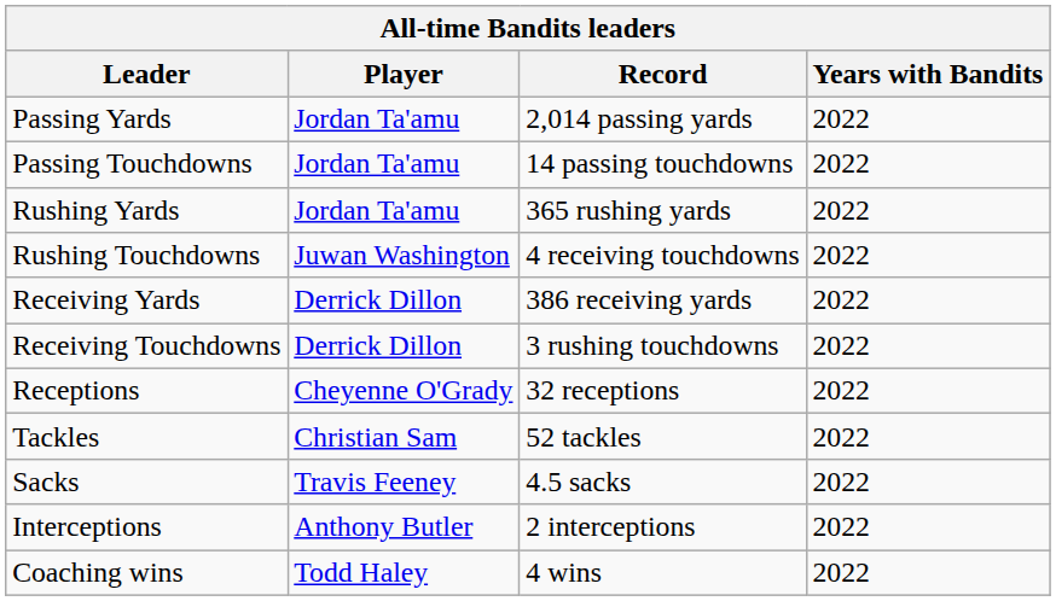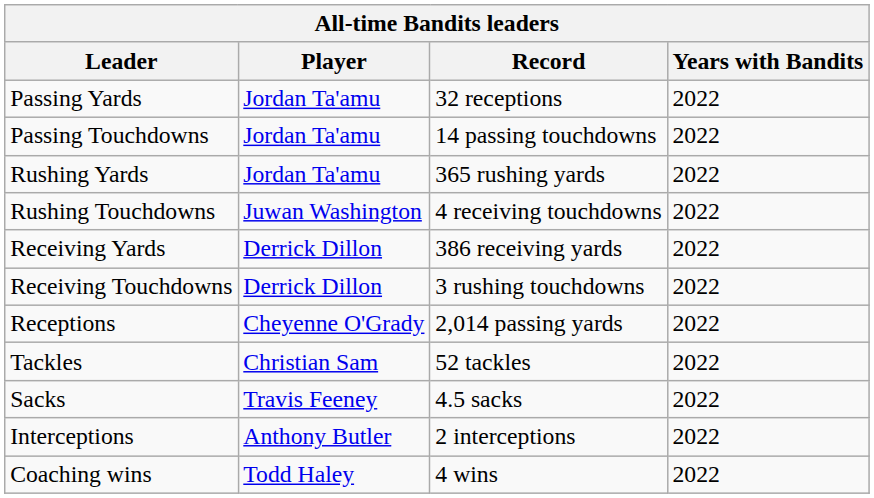 <table class="wikitable">
 <tr>
 <th colspan="5">All-time Bandits leaders</th>
 </tr>
 <tr>
 <th>Leader</th>
 <th>Player</th>
 <th>Record</th>
 <th>Years with Bandits</th>
 </tr>
 <tr>
 <td>Passing Yards</td>
 <td><a href='#'>Jordan Ta'amu</a></td>
-<td>2,014 passing yards</td>
+<td>32 receptions</td>
 <td>2022</td>
 </tr>
 <tr>
 <td>Passing Touchdowns</td>
 <td><a href='#'>Jordan Ta'amu</a></td>
 <td>14 passing touchdowns</td>
 <td>2022</td>
 </tr>
 <tr>
 <td>Rushing Yards</td>
 <td><a href='#'>Jordan Ta'amu</a></td>
 <td>365 rushing yards</td>
 <td>2022</td>
 </tr>
 <tr>
 <td>Rushing Touchdowns</td>
 <td><a href='#'>Juwan Washington</a></td>
 <td>4 receiving touchdowns</td>
 <td>2022</td>
 </tr>
 <tr>
 <td>Receiving Yards</td>
 <td><a href='#'>Derrick Dillon</a></td>
 <td>386 receiving yards</td>
 <td>2022</td>
 </tr>
 <tr>
 <td>Receiving Touchdowns</td>
 <td><a href='#'>Derrick Dillon</a></td>
 <td>3 rushing touchdowns</td>
 <td>2022</td>
 </tr>
 <tr>
 <td>Receptions</td>
 <td><a href='#'>Cheyenne O'Grady</a></td>
-<td>32 receptions</td>
+<td>2,014 passing yards</td>
 <td>2022</td>
 </tr>
 <tr>
 <td>Tackles</td>
 <td><a href='#'>Christian Sam</a></td>
 <td>52 tackles</td>
 <td>2022</td>
 </tr>
 <tr>
 <td>Sacks</td>
 <td><a href='#'>Travis Feeney</a></td>
 <td>4.5 sacks</td>
 <td>2022</td>
 </tr>
 <tr>
 <td>Interceptions</td>
 <td><a href='#'>Anthony Butler</a></td>
 <td>2 interceptions</td>
 <td>2022</td>
 </tr>
 <tr>
 <td>Coaching wins</td>
 <td><a href='#'>Todd Haley</a></td>
 <td>4 wins</td>
 <td>2022</td>
 </tr>
 </table>
